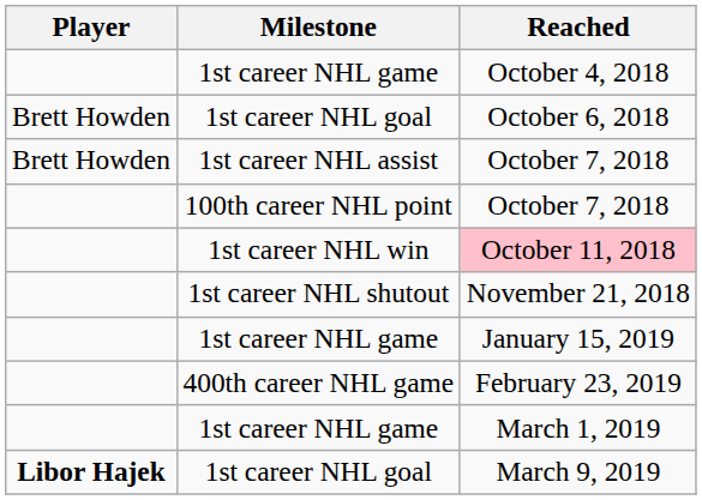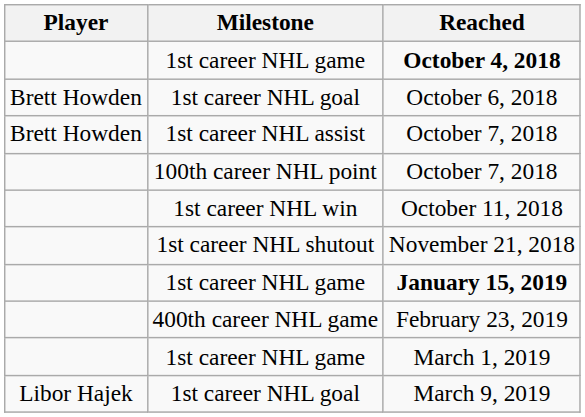 <table class="wikitable sortable" style="text-align:center;">
 <tr>
 <th>Player</th>
 <th>Milestone</th>
 <th>Reached</th>
 </tr>
 <tr>
 <td></td>
 <td>1st career NHL game</td>
-<td>October 4, 2018</td>
+<td><strong>October 4, 2018</strong></td>
 </tr>
 <tr>
 <td>Brett Howden</td>
 <td>1st career NHL goal</td>
 <td>October 6, 2018</td>
 </tr>
 <tr>
 <td>Brett Howden</td>
 <td>1st career NHL assist</td>
 <td>October 7, 2018</td>
 </tr>
 <tr>
 <td></td>
 <td>100th career NHL point</td>
 <td>October 7, 2018</td>
 </tr>
 <tr>
 <td></td>
 <td>1st career NHL win</td>
-<td style="background: pink;">October 11, 2018</td>
+<td>October 11, 2018</td>
 </tr>
 <tr>
 <td></td>
 <td>1st career NHL shutout</td>
 <td>November 21, 2018</td>
 </tr>
 <tr>
 <td></td>
 <td>1st career NHL game</td>
-<td>January 15, 2019</td>
+<td><strong>January 15, 2019</strong></td>
 </tr>
 <tr>
 <td></td>
 <td>400th career NHL game</td>
 <td>February 23, 2019</td>
 </tr>
 <tr>
 <td></td>
 <td>1st career NHL game</td>
 <td>March 1, 2019</td>
 </tr>
 <tr>
-<td><strong>Libor Hajek</strong></td>
+<td>Libor Hajek</td>
 <td>1st career NHL goal</td>
 <td>March 9, 2019</td>
 </tr>
 </table>
